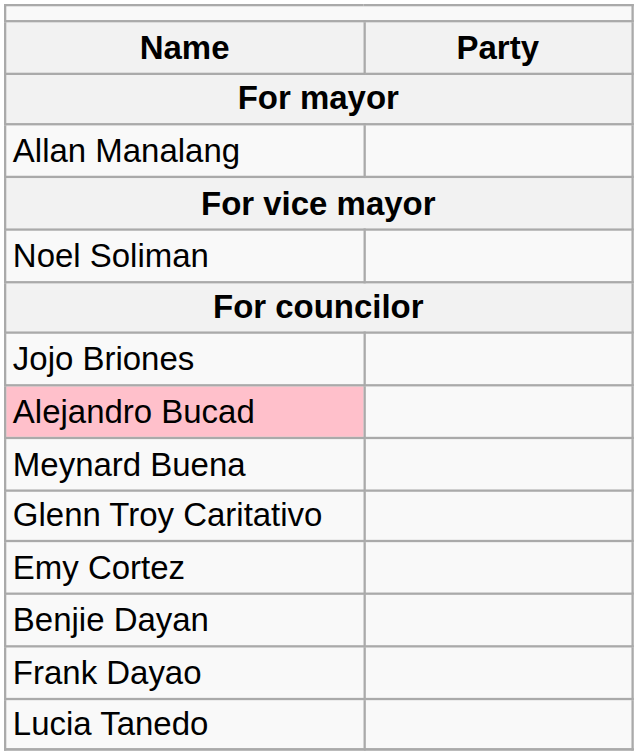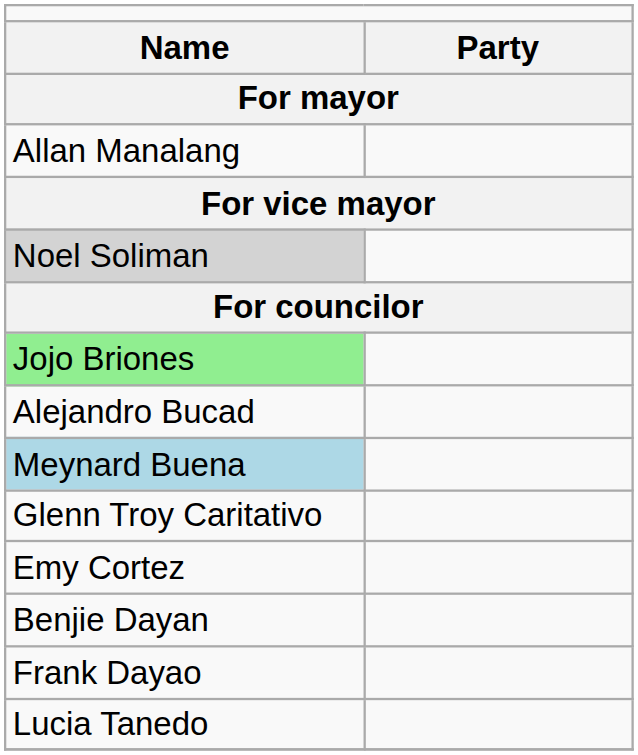 <table class=wikitable style="font-size:90%">
 <tr>
 <td colspan=4 bgcolor=></td>
 </tr>
 <tr>
 <th width=150px>Name</th>
 <th colspan=2 width=110px>Party</th>
 </tr>
 <tr>
 <th colspan=3>For mayor</th>
 </tr>
 <tr>
 <td>Allan Manalang</td>
 <td></td>
 </tr>
 <tr>
 <th colspan=3>For vice mayor</th>
 </tr>
 <tr>
-<td>Noel Soliman</td>
+<td style="background: lightgrey;">Noel Soliman</td>
 <td></td>
 </tr>
 <tr>
 <th colspan=3>For councilor</th>
 </tr>
 <tr>
-<td>Jojo Briones</td>
+<td style="background: lightgreen;">Jojo Briones</td>
 <td></td>
 </tr>
 <tr>
-<td style="background: pink;">Alejandro Bucad</td>
+<td>Alejandro Bucad</td>
 <td></td>
 </tr>
 <tr>
-<td>Meynard Buena</td>
+<td style="background: lightblue;">Meynard Buena</td>
 <td></td>
 </tr>
 <tr>
 <td>Glenn Troy Caritativo</td>
 <td></td>
 </tr>
 <tr>
 <td>Emy Cortez</td>
 <td></td>
 </tr>
 <tr>
 <td>Benjie  Dayan</td>
 <td></td>
 </tr>
 <tr>
 <td>Frank Dayao</td>
 <td></td>
 </tr>
 <tr>
 <td>Lucia Tanedo</td>
 <td></td>
 </tr>
 <tr>
 </tr>
 </table>
